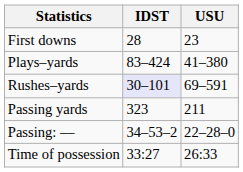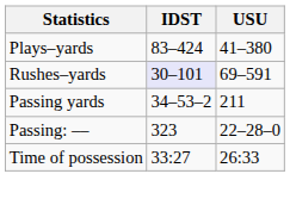 <table class="wikitable" style="float:left">
 <tr>
 <th>Statistics</th>
 <th>IDST</th>
 <th>USU</th>
-</tr>
-<tr>
-<td>First downs</td>
-<td>28</td>
-<td>23</td>
 </tr>
 <tr>
 <td>Plays–yards</td>
 <td>83–424</td>
 <td>41–380</td>
 </tr>
 <tr>
 <td>Rushes–yards</td>
 <td style="background: lavender;">30–101</td>
 <td>69–591</td>
 </tr>
 <tr>
 <td>Passing yards</td>
-<td>323</td>
+<td>34–53–2</td>
 <td>211</td>
 </tr>
 <tr>
 <td>Passing: ––</td>
-<td>34–53–2</td>
+<td>323</td>
 <td>22–28–0</td>
 </tr>
 <tr>
 <td>Time of possession</td>
 <td>33:27</td>
 <td>26:33</td>
 </tr>
 </table>
